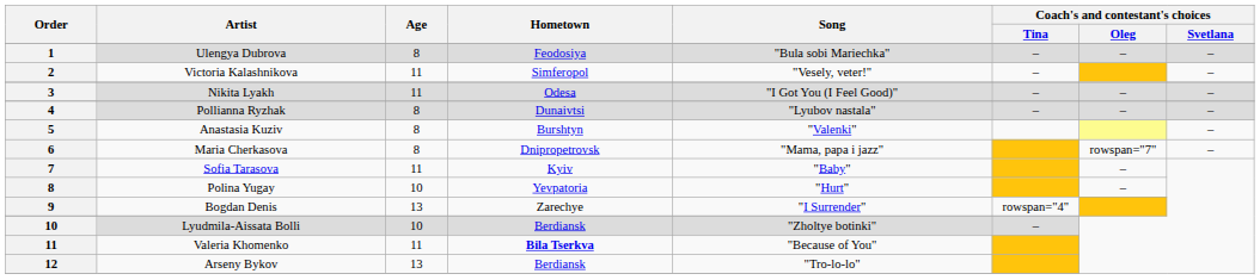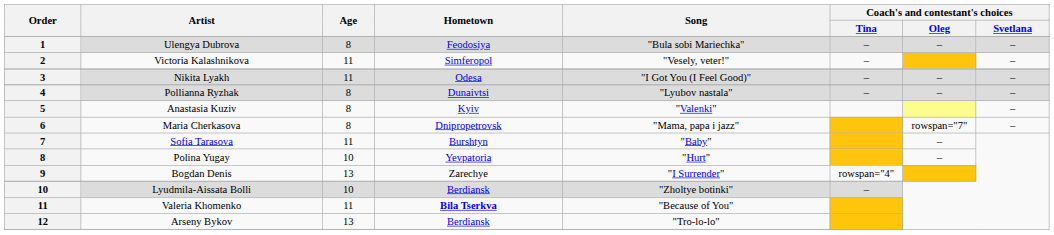 <table class="wikitable" style="text-align:center; line-height:17px; width:100%;">
 <tr>
 <th scope="col" rowspan="2" style="width=05%;">Order</th>
 <th scope="col" rowspan="2" style="width=20%;">Artist</th>
 <th scope="col" rowspan="2" style="width=05%;">Age</th>
 <th scope="col" rowspan="2" style="width:18%;">Hometown</th>
 <th scope="col" rowspan="2" style="width=22%;">Song</th>
 <th scope="col" colspan="4" style="width=28%;">Coach's and contestant's choices</th>
 </tr>
 <tr>
 <th width="07%"><a href='#'>Tina</a></th>
 <th width="07%"><a href='#'>Oleg</a></th>
 <th width="07%"><a href='#'>Svetlana</a></th>
 </tr>
 <tr>
 </tr>
 <tr style="background:#DCDCDC;">
 <th>1</th>
 <td>Ulengya Dubrova</td>
 <td>8</td>
 <td><a href='#'>Feodosiya</a></td>
 <td>"Bula sobі Marіechka"</td>
 <td>–</td>
 <td>–</td>
 <td>–</td>
 </tr>
 <tr>
 <th>2</th>
 <td>Victoria Kalashnikova</td>
 <td>11</td>
 <td><a href='#'>Simferopol</a></td>
 <td>"Vesely, veter!"</td>
 <td>–</td>
 <td style="background:#ffc40c;"><strong></strong></td>
 <td>–</td>
 </tr>
 <tr>
 </tr>
 <tr style="background:#DCDCDC;">
 <th>3</th>
 <td>Nikita Lyakh</td>
 <td>11</td>
 <td><a href='#'>Odesa</a></td>
 <td>"I Got You (I Feel Good)"</td>
 <td>–</td>
 <td>–</td>
 <td>–</td>
 </tr>
 <tr>
 </tr>
 <tr style="background:#DCDCDC;">
 <th>4</th>
 <td>Pollianna Ryzhak</td>
 <td>8</td>
 <td><a href='#'>Dunaivtsi</a></td>
 <td>"Lyubov nastala"</td>
 <td>–</td>
 <td>–</td>
 <td>–</td>
 </tr>
 <tr>
 <th>5</th>
 <td>Anastasia Kuziv</td>
 <td>8</td>
-<td><a href='#'>Burshtyn</a></td>
+<td><a href='#'>Kyiv</a></td>
 <td>"<a href='#'>Valenki</a>"</td>
 <td><strong></strong></td>
 <td style="background:#fdfc8f;"><strong></strong></td>
 <td>–</td>
 </tr>
 <tr>
 <th>6</th>
 <td>Maria Cherkasova</td>
 <td>8</td>
 <td><a href='#'>Dnipropetrovsk</a></td>
 <td>"Mama, papa i jazz"</td>
 <td style="background:#ffc40c;"><strong></strong></td>
 <td>rowspan="7" </td>
 <td>–</td>
 </tr>
 <tr>
 <th>7</th>
 <td><a href='#'>Sofia Tarasova</a></td>
 <td>11</td>
-<td><a href='#'>Kyiv</a></td>
+<td><a href='#'>Burshtyn</a></td>
 <td>"<a href='#'>Baby</a>"</td>
 <td style="background:#ffc40c;"><strong></strong></td>
 <td>–</td>
 </tr>
 <tr>
 <th>8</th>
 <td>Polina Yugay</td>
 <td>10</td>
 <td><a href='#'>Yevpatoria</a></td>
 <td>"<a href='#'>Hurt</a>"</td>
 <td style="background:#ffc40c;"><strong></strong></td>
 <td>–</td>
 </tr>
 <tr>
 <th>9</th>
 <td>Bogdan Denis</td>
 <td>13</td>
 <td>Zarechye</td>
 <td>"<a href='#'>I Surrender</a>"</td>
 <td>rowspan="4" </td>
 <td style="background:#ffc40c;"><strong></strong></td>
 </tr>
 <tr>
 </tr>
 <tr style="background:#DCDCDC;">
 <th>10</th>
 <td>Lyudmila-Aissata Bolli</td>
 <td>10</td>
 <td><a href='#'>Berdiansk</a></td>
 <td>"Zholtye botinki"</td>
 <td>–</td>
 </tr>
 <tr>
 <th>11</th>
 <td>Valeria Khomenko</td>
 <td>11</td>
 <td><strong><a href='#'>Bila Tserkva</a></strong></td>
 <td>"Because of You"</td>
 <td style="background:#ffc40c;"><strong></strong></td>
 </tr>
 <tr>
 <th>12</th>
 <td>Arseny Bykov</td>
 <td>13</td>
 <td><a href='#'>Berdiansk</a></td>
 <td>"Tro-lo-lo"</td>
 <td style="background:#ffc40c;"><strong></strong></td>
 </tr>
 <tr>
 </tr>
 </table>
